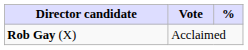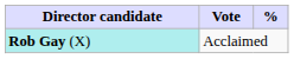 <table class="wikitable">
 <tr>
 <th style="background:#ddf;" width="200px">Director candidate</th>
 <th style="background:#ddf;" width="50px">Vote</th>
 <th style="background:#ddf;" width="30px">%</th>
 </tr>
 <tr>
-<td><strong>Rob Gay</strong> (X)</td>
+<td style="background: paleturquoise;"><strong>Rob Gay</strong> (X)</td>
 <td colspan="2">Acclaimed</td>
 </tr>
 </table>
